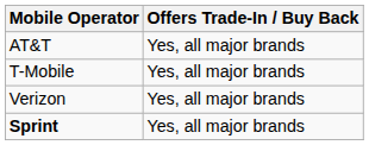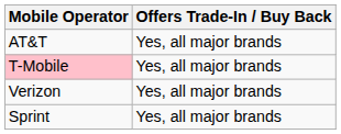 <table class="wikitable sortable">
 <tr>
 <th>Mobile Operator</th>
 <th>Offers Trade-In / Buy Back</th>
 </tr>
 <tr>
 <td>AT&T</td>
 <td>Yes, all major brands</td>
 </tr>
 <tr>
-<td>T-Mobile</td>
+<td style="background: pink;">T-Mobile</td>
 <td>Yes, all major brands</td>
 </tr>
 <tr>
 <td>Verizon</td>
 <td>Yes, all major brands</td>
 </tr>
 <tr>
-<td><strong>Sprint</strong></td>
+<td>Sprint</td>
 <td>Yes, all major brands</td>
 </tr>
 </table>
